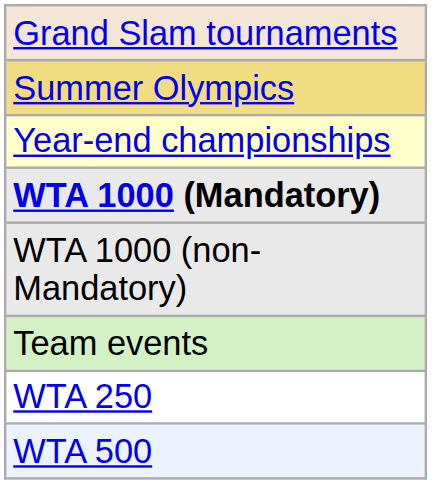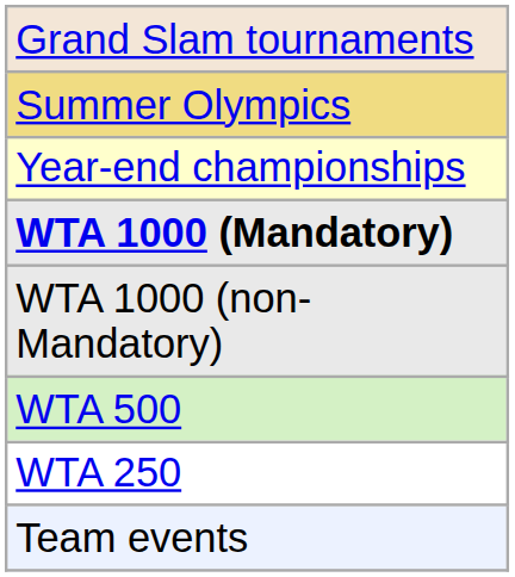 <table class=wikitable style="font-size:90%; width:14%">
 <tr style="background:#F3E6D7;">
 <td><a href='#'>Grand Slam tournaments</a></td>
 </tr>
 <tr style="background:#f0dc82;">
 <td><a href='#'>Summer Olympics</a></td>
 </tr>
 <tr style="background:#ffc;">
 <td><a href='#'>Year-end championships</a></td>
 </tr>
 <tr style="background:#e9e9e9;">
 <td><strong><a href='#'>WTA 1000</a> (Mandatory)</strong></td>
 </tr>
 <tr style="background:#E9E9E9;">
 <td>WTA 1000 (non-Mandatory)</td>
 </tr>
 <tr style="background:#D4F1C5;">
-<td>Team events</td>
+<td><a href='#'>WTA 500</a></td>
 </tr>
 <tr style="background:#fff;">
 <td><a href='#'>WTA 250</a></td>
 </tr>
 <tr style="background:#ECF2FF;">
-<td><a href='#'>WTA 500</a></td>
+<td>Team events</td>
 </tr>
 </table>
